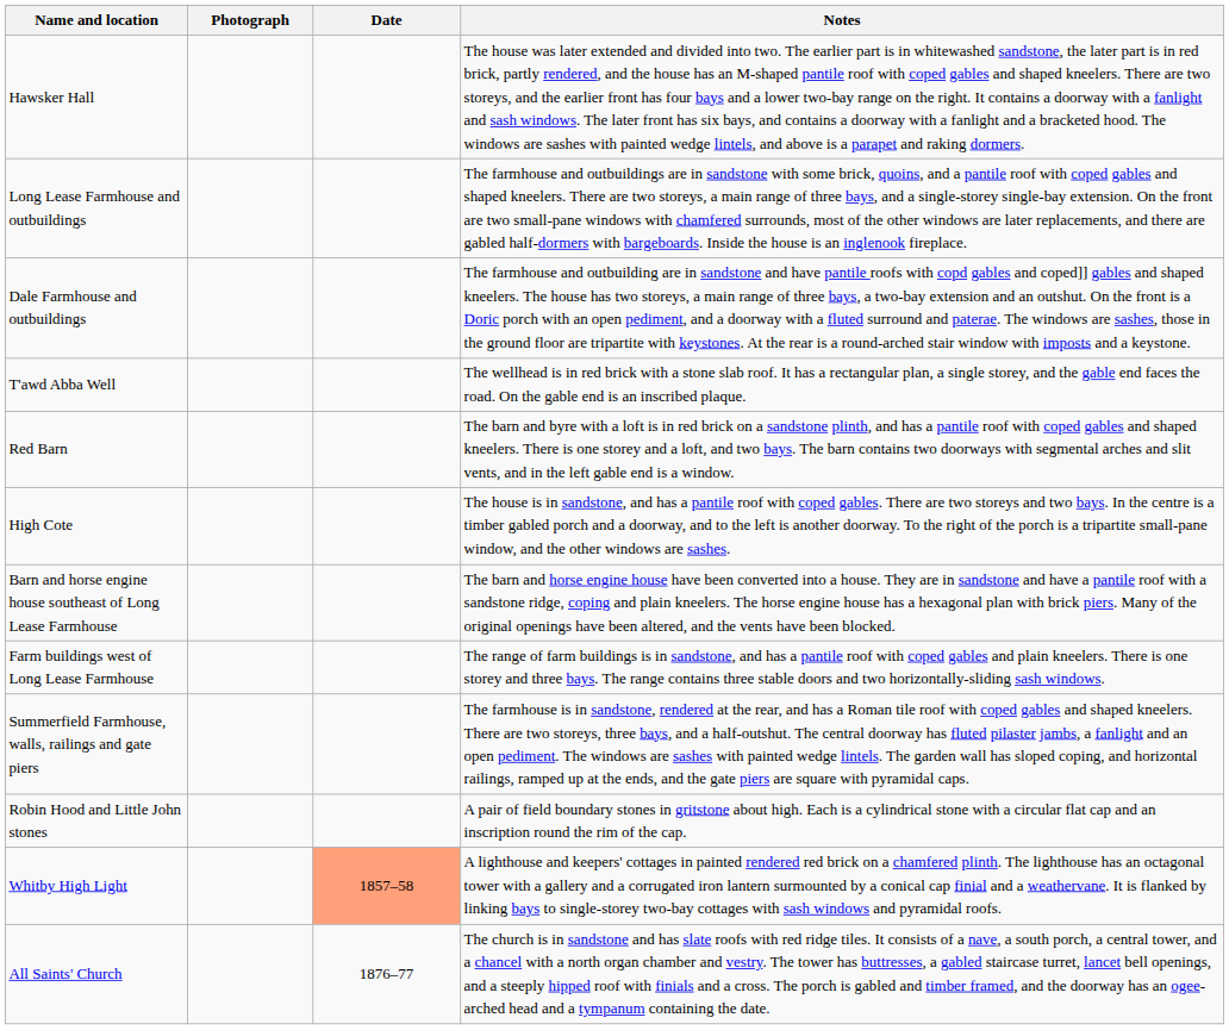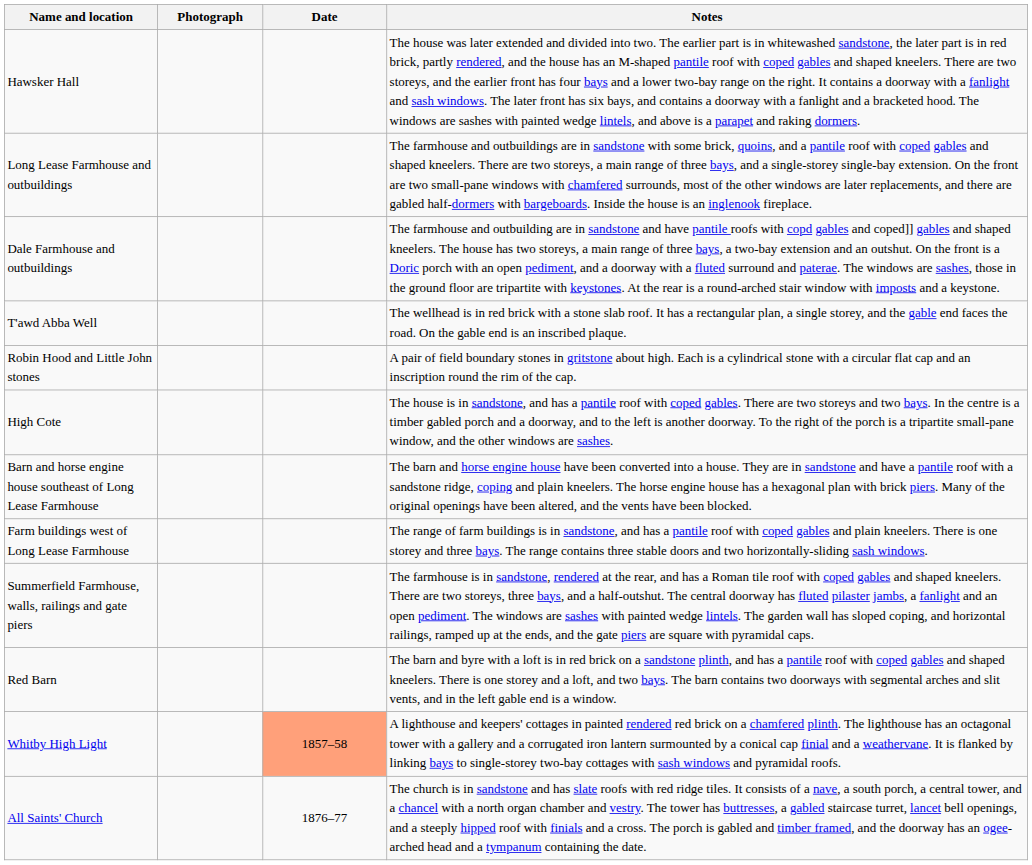 <table class="wikitable sortable plainrowheaders" style="width:100%;border:0px;text-align:left;line-height:150%;">
 <tr>
 <th scope="col"  style="width:150px">Name and location</th>
 <th scope="col"  style="width:100px" class="unsortable">Photograph</th>
 <th scope="col"  style="width:120px">Date</th>
 <th scope="col"  style="width:650px" class="unsortable">Notes</th>
 </tr>
 <tr>
 <td>Hawsker Hall<br><small></small></td>
 <td></td>
 <td align="center"></td>
 <td>The house was later extended and divided into two. The earlier part is in whitewashed <a href='#'>sandstone</a>, the later part is in red brick, partly <a href='#'>rendered</a>, and the house has an M-shaped <a href='#'>pantile</a> roof with <a href='#'>coped</a> <a href='#'>gables</a> and shaped kneelers. There are two storeys, and the earlier front has four <a href='#'>bays</a> and a lower two-bay range on the right. It contains a doorway with a <a href='#'>fanlight</a> and <a href='#'>sash windows</a>. The later front has six bays, and contains a doorway with a fanlight and a bracketed hood. The windows are sashes with painted wedge <a href='#'>lintels</a>, and above is a <a href='#'>parapet</a> and raking <a href='#'>dormers</a>.</td>
 </tr>
 <tr>
 <td>Long Lease Farmhouse and outbuildings<br><small></small></td>
 <td></td>
 <td align="center"></td>
 <td>The farmhouse and outbuildings are in <a href='#'>sandstone</a> with some brick, <a href='#'>quoins</a>, and a <a href='#'>pantile</a> roof with <a href='#'>coped</a> <a href='#'>gables</a> and shaped kneelers.  There are two storeys, a main range of three <a href='#'>bays</a>, and a single-storey single-bay extension.  On the front are two small-pane windows with <a href='#'>chamfered</a> surrounds, most of  the other windows are later replacements, and there are gabled half-<a href='#'>dormers</a> with <a href='#'>bargeboards</a>. Inside the house is an <a href='#'>inglenook</a> fireplace.</td>
 </tr>
 <tr>
 <td>Dale Farmhouse and outbuildings<br><small></small></td>
 <td></td>
 <td align="center"></td>
 <td>The farmhouse and outbuilding are in <a href='#'>sandstone</a> and have <a href='#'>pantile </a> roofs with <a href='#'>copd</a> <a href='#'>gables</a> and coped]] <a href='#'>gables</a> and shaped kneelers. The house has two storeys, a main range of three <a href='#'>bays</a>, a two-bay extension and an outshut.  On the front is a <a href='#'>Doric</a> porch with an open <a href='#'>pediment</a>, and a doorway with a <a href='#'>fluted</a> surround and <a href='#'>paterae</a>.  The windows are <a href='#'>sashes</a>, those in the ground floor are tripartite with <a href='#'>keystones</a>.  At the rear is a round-arched stair window with <a href='#'>imposts</a> and a keystone.</td>
 </tr>
 <tr>
 <td>T'awd Abba Well<br><small></small></td>
 <td></td>
 <td align="center"></td>
 <td>The wellhead is in red brick with a stone slab roof. It has a rectangular plan, a single storey, and the <a href='#'>gable</a> end faces the road.  On the gable end is an inscribed plaque.</td>
 </tr>
 <tr>
-<td>Red Barn<br><small></small></td>
+<td>Robin Hood and Little John stones<br><small></small></td>
 <td></td>
 <td align="center"></td>
-<td>The barn and byre with a loft is in red brick on a <a href='#'>sandstone</a> <a href='#'>plinth</a>, and has a <a href='#'>pantile</a> roof with <a href='#'>coped</a> <a href='#'>gables</a> and shaped kneelers. There is one storey and a loft, and two <a href='#'>bays</a>. The barn contains two doorways with segmental arches and slit vents, and in the left gable end is a window.</td>
+<td>A pair of field boundary stones in <a href='#'>gritstone</a> about  high. Each is a cylindrical stone with a circular flat cap and an inscription round the rim of the cap.</td>
 </tr>
 <tr>
 <td>High Cote<br><small></small></td>
 <td></td>
 <td align="center"></td>
 <td>The house is in <a href='#'>sandstone</a>, and has a <a href='#'>pantile</a> roof with <a href='#'>coped</a> <a href='#'>gables</a>.  There are two storeys and two <a href='#'>bays</a>.  In the centre is a timber gabled porch and a doorway, and to the left is another doorway.  To the right of the porch is a tripartite small-pane window, and the other windows are <a href='#'>sashes</a>.</td>
 </tr>
 <tr>
 <td>Barn and horse engine house southeast of Long Lease Farmhouse<br><small></small></td>
 <td></td>
 <td align="center"></td>
 <td>The barn and <a href='#'>horse engine house</a> have been converted into a house.  They are in <a href='#'>sandstone</a> and have a <a href='#'>pantile</a> roof with a sandstone ridge, <a href='#'>coping</a> and plain kneelers.  The horse engine house has a hexagonal plan with brick <a href='#'>piers</a>.  Many of the original openings have been altered, and the vents have been blocked.</td>
 </tr>
 <tr>
 <td>Farm buildings west of Long Lease Farmhouse<br><small></small></td>
 <td></td>
 <td align="center"></td>
 <td>The range of farm buildings is in <a href='#'>sandstone</a>, and has a <a href='#'>pantile</a> roof with <a href='#'>coped</a> <a href='#'>gables</a> and plain kneelers. There is one storey and three <a href='#'>bays</a>. The range contains three stable doors and two horizontally-sliding <a href='#'>sash windows</a>.</td>
 </tr>
 <tr>
 <td>Summerfield Farmhouse, walls, railings and gate piers<br><small></small></td>
 <td></td>
 <td align="center"></td>
 <td>The farmhouse is in <a href='#'>sandstone</a>, <a href='#'>rendered</a> at the rear, and has a Roman tile roof with <a href='#'>coped</a> <a href='#'>gables</a> and shaped kneelers. There are two storeys, three <a href='#'>bays</a>, and a half-outshut. The central doorway has <a href='#'>fluted</a> <a href='#'>pilaster</a> <a href='#'>jambs</a>, a <a href='#'>fanlight</a> and an open <a href='#'>pediment</a>. The windows are <a href='#'>sashes</a> with painted wedge <a href='#'>lintels</a>. The garden wall has sloped coping, and horizontal railings, ramped up at the ends, and the gate <a href='#'>piers</a> are square with pyramidal caps.</td>
 </tr>
 <tr>
-<td>Robin Hood and Little John stones<br><small></small></td>
+<td>Red Barn<br><small></small></td>
 <td></td>
 <td align="center"></td>
-<td>A pair of field boundary stones in <a href='#'>gritstone</a> about  high. Each is a cylindrical stone with a circular flat cap and an inscription round the rim of the cap.</td>
+<td>The barn and byre with a loft is in red brick on a <a href='#'>sandstone</a> <a href='#'>plinth</a>, and has a <a href='#'>pantile</a> roof with <a href='#'>coped</a> <a href='#'>gables</a> and shaped kneelers. There is one storey and a loft, and two <a href='#'>bays</a>. The barn contains two doorways with segmental arches and slit vents, and in the left gable end is a window.</td>
 </tr>
 <tr>
 <td><a href='#'>Whitby High Light</a><br><small></small></td>
 <td></td>
 <td align="center" style="background: lightsalmon;">1857–58</td>
 <td>A lighthouse and keepers' cottages in painted <a href='#'>rendered</a> red brick on a <a href='#'>chamfered</a> <a href='#'>plinth</a>.  The lighthouse has an octagonal tower with a gallery and a corrugated iron lantern surmounted by a conical cap <a href='#'>finial</a> and a <a href='#'>weathervane</a>.  It is flanked by linking <a href='#'>bays</a> to single-storey two-bay cottages with <a href='#'>sash windows</a> and pyramidal roofs.</td>
 </tr>
 <tr>
 <td><a href='#'>All Saints' Church</a><br><small></small></td>
 <td></td>
 <td align="center">1876–77</td>
 <td>The church is in <a href='#'>sandstone</a> and has <a href='#'>slate</a> roofs with red ridge tiles.  It consists of a <a href='#'>nave</a>, a south porch, a central tower, and a <a href='#'>chancel</a> with a north organ chamber and <a href='#'>vestry</a>.  The tower has <a href='#'>buttresses</a>, a <a href='#'>gabled</a> staircase turret, <a href='#'>lancet</a> bell openings, and a steeply <a href='#'>hipped</a> roof with <a href='#'>finials</a> and a cross.  The porch is gabled and <a href='#'>timber framed</a>, and the doorway has an <a href='#'>ogee</a>-arched head and a <a href='#'>tympanum</a> containing the date.</td>
 </tr>
 <tr>
 </tr>
 </table>
